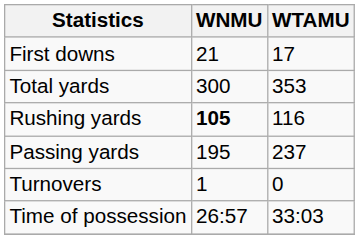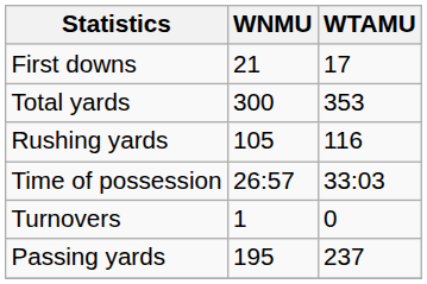 <table class="wikitable">
 <tr>
 <th>Statistics</th>
 <th>WNMU</th>
 <th>WTAMU</th>
 </tr>
 <tr>
 <td>First downs</td>
 <td>21</td>
 <td>17</td>
 </tr>
 <tr>
 <td>Total yards</td>
 <td>300</td>
 <td>353</td>
 </tr>
 <tr>
 <td>Rushing yards</td>
-<td><strong>105</strong></td>
+<td>105</td>
 <td>116</td>
+</tr>
+<tr>
+<td>Time of possession</td>
+<td>26:57</td>
+<td>33:03</td>
+</tr>
+<tr>
+<td>Turnovers</td>
+<td>1</td>
+<td>0</td>
 </tr>
 <tr>
 <td>Passing yards</td>
 <td>195</td>
 <td>237</td>
 </tr>
 <tr>
-<td>Turnovers</td>
-<td>1</td>
-<td>0</td>
-</tr>
-<tr>
-<td>Time of possession</td>
-<td>26:57</td>
-<td>33:03</td>
-</tr>
-<tr>
 </tr>
 </table>
